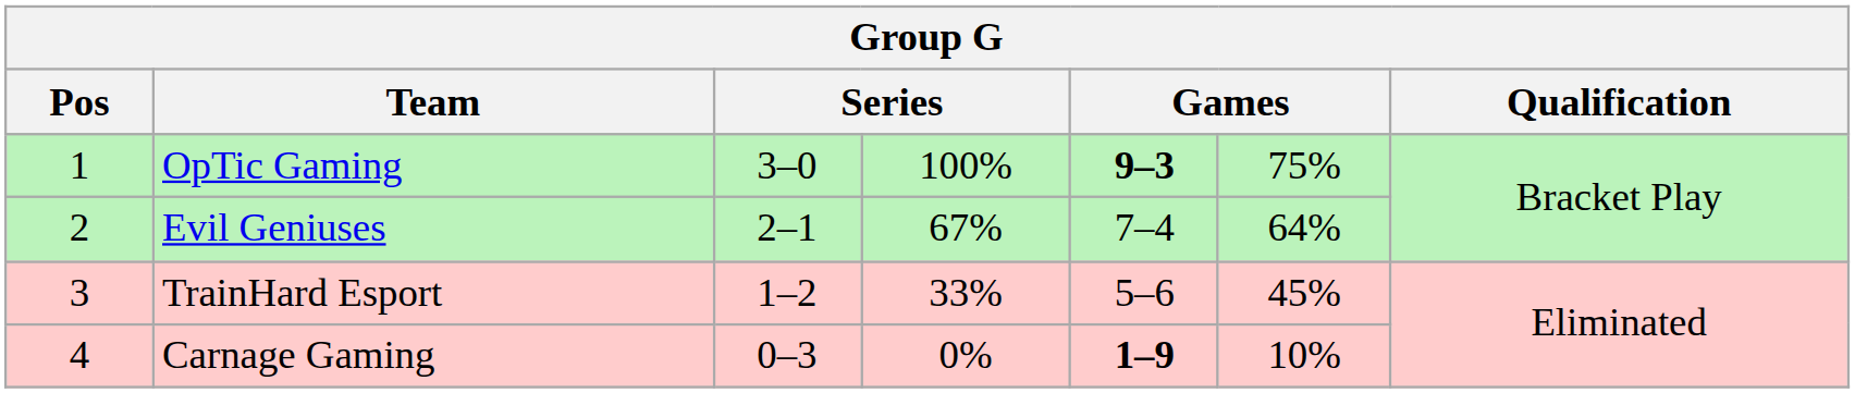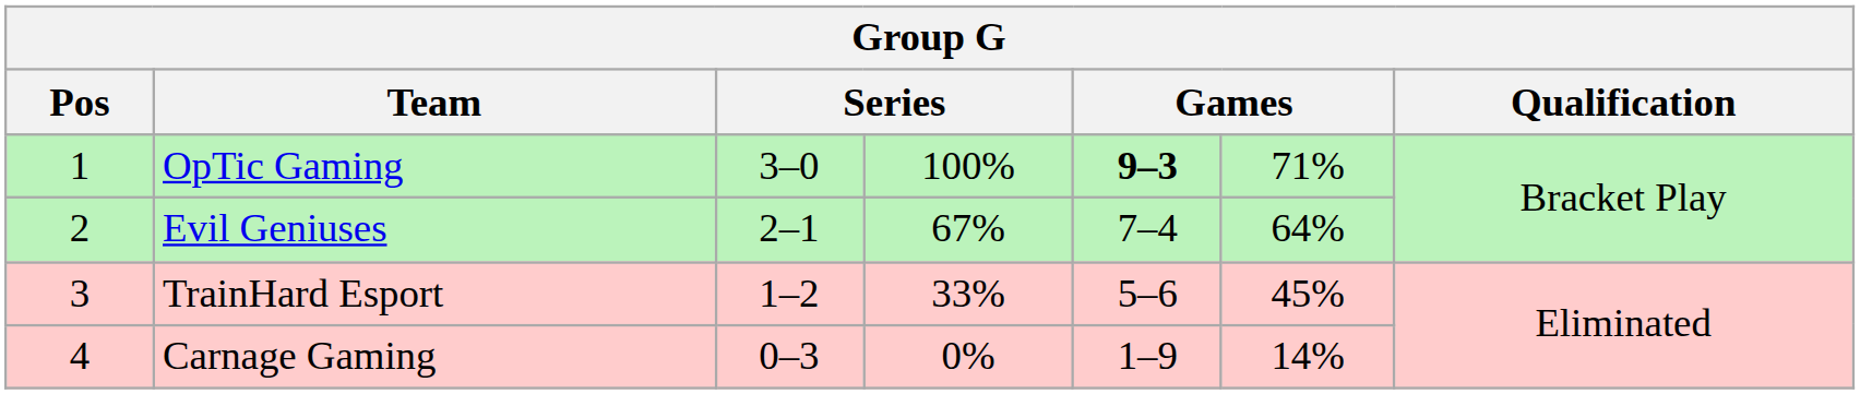 <table class="wikitable" style="display: inline-table; width: 46.5%;">
 <tr>
 <th colspan="7">Group G</th>
 </tr>
 <tr>
 <th>Pos</th>
 <th>Team</th>
 <th colspan="2">Series</th>
 <th colspan="2">Games</th>
 <th>Qualification</th>
 </tr>
 <tr>
 <td style="text-align:center; background:#BBF3BB;">1</td>
 <td style="text-align:left; background:#BBF3BB;"><a href='#'>OpTic Gaming</a></td>
 <td style="text-align:center; background:#BBF3BB;">3–0</td>
 <td style="text-align:center; background:#BBF3BB;">100%</td>
 <td style="text-align:center; background:#BBF3BB;"><strong>9–3</strong></td>
-<td style="text-align:center; background:#BBF3BB;">75%</td>
+<td style="text-align:center; background:#BBF3BB;">71%</td>
 <td style="text-align:center; background:#BBF3BB;" rowspan="2">Bracket Play</td>
 </tr>
 <tr>
 <td style="text-align:center; background:#BBF3BB;">2</td>
 <td style="text-align:left; background:#BBF3BB;"><a href='#'>Evil Geniuses</a></td>
 <td style="text-align:center; background:#BBF3BB;">2–1</td>
 <td style="text-align:center; background:#BBF3BB;">67%</td>
 <td style="text-align:center; background:#BBF3BB;">7–4</td>
 <td style="text-align:center; background:#BBF3BB;">64%</td>
 </tr>
 <tr>
 <td style="text-align:center; background:#FFCCCC;">3</td>
 <td style="text-align:left; background:#FFCCCC;">TrainHard Esport</td>
 <td style="text-align:center; background:#FFCCCC;">1–2</td>
 <td style="text-align:center; background:#FFCCCC;">33%</td>
 <td style="text-align:center; background:#FFCCCC;">5–6</td>
 <td style="text-align:center; background:#FFCCCC;">45%</td>
 <td style="text-align:center; background:#FFCCCC;" rowspan="2">Eliminated</td>
 </tr>
 <tr>
 <td style="text-align:center; background:#FFCCCC;">4</td>
 <td style="text-align:left; background:#FFCCCC;">Carnage Gaming</td>
 <td style="text-align:center; background:#FFCCCC;">0–3</td>
 <td style="text-align:center; background:#FFCCCC;">0%</td>
-<td style="text-align:center; background:#FFCCCC;"><strong>1–9</strong></td>
-<td style="text-align:center; background:#FFCCCC;">10%</td>
+<td style="text-align:center; background:#FFCCCC;">1–9</td>
+<td style="text-align:center; background:#FFCCCC;">14%</td>
 </tr>
 </table>
